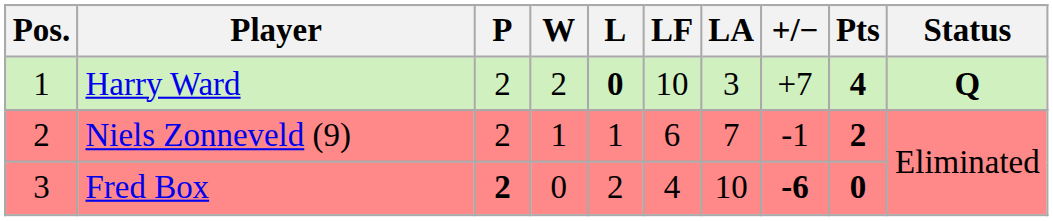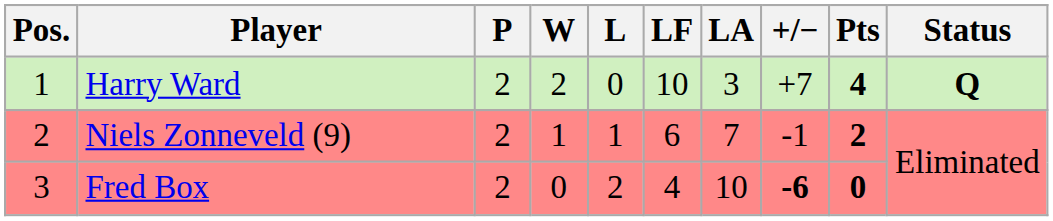 <table class="wikitable" style="text-align:center; margin: 1em auto 1em auto, align:left">
 <tr>
 <th width=20>Pos.</th>
 <th width=185>Player</th>
 <th width=20>P</th>
 <th width=20>W</th>
 <th width=20>L</th>
 <th width=20>LF</th>
 <th width=20>LA</th>
 <th width=25>+/−</th>
 <th width=20>Pts</th>
 <th width=70>Status</th>
 </tr>
 <tr style="background:#D0F0C0;">
 <td>1</td>
 <td align=left> <a href='#'>Harry Ward</a></td>
 <td>2</td>
 <td>2</td>
-<td><strong>0</strong></td>
+<td>0</td>
 <td>10</td>
 <td>3</td>
 <td>+7</td>
 <td><strong>4</strong></td>
 <td rowspan=1><strong>Q</strong></td>
 </tr>
 <tr style="background:#FF8888;">
 <td>2</td>
 <td align=left> <a href='#'>Niels Zonneveld</a> (9)</td>
 <td>2</td>
 <td>1</td>
 <td>1</td>
 <td>6</td>
 <td>7</td>
 <td>-1</td>
 <td><strong>2</strong></td>
 <td rowspan=2>Eliminated</td>
 </tr>
 <tr style="background:#FF8888;">
 <td>3</td>
 <td align=left> <a href='#'>Fred Box</a></td>
-<td><strong>2</strong></td>
+<td>2</td>
 <td>0</td>
 <td>2</td>
 <td>4</td>
 <td>10</td>
 <td><strong>-6</strong></td>
 <td><strong>0</strong></td>
 </tr>
 </table>
